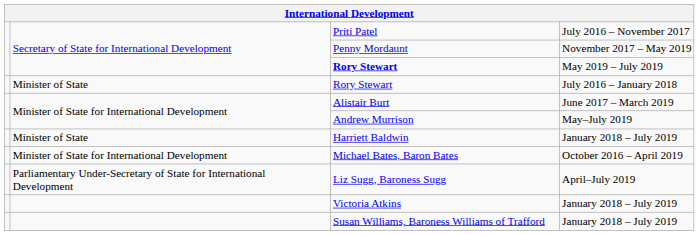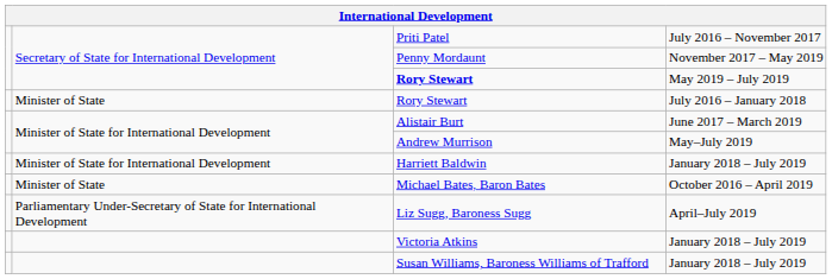 <table class="wikitable">
 <tr>
 <th colspan="4"><a href='#'>International Development</a></th>
 </tr>
 <tr>
 <td rowspan="3" style="width: 1px; background: "></td>
 <td rowspan="3" style="width: 450px;"><a href='#'>Secretary of State for International Development</a></td>
 <td style="width: 320px;"><a href='#'>Priti Patel</a></td>
 <td>July 2016 – November 2017</td>
 </tr>
 <tr>
 <td><a href='#'>Penny Mordaunt</a> <br></td>
 <td>November 2017 – May 2019</td>
 </tr>
 <tr>
 <td><strong><a href='#'>Rory Stewart</a></strong></td>
 <td>May 2019 – July 2019</td>
 </tr>
 <tr>
 <td style="width: 1px; background: "></td>
 <td>Minister of State</td>
 <td><a href='#'>Rory Stewart</a><br></td>
 <td>July 2016 – January 2018</td>
 </tr>
 <tr>
 <td rowspan="2" style="width: 1px; background: "></td>
 <td rowspan="2">Minister of State for International Development</td>
 <td><a href='#'>Alistair Burt</a> <br></td>
 <td>June 2017 – March 2019</td>
 </tr>
 <tr>
 <td><a href='#'>Andrew Murrison</a><br></td>
 <td>May–July 2019</td>
 </tr>
 <tr>
 <td style="width: 1px; background: "></td>
-<td>Minister of State</td>
+<td rowspan="1">Minister of State for International Development</td>
 <td><a href='#'>Harriett Baldwin</a><br></td>
 <td>January 2018 – July 2019</td>
 </tr>
 <tr>
 <td rowspan="1" style="width: 1px; background: "></td>
-<td rowspan="1">Minister of State for International Development</td>
+<td>Minister of State</td>
 <td><a href='#'>Michael Bates, Baron Bates</a> <br></td>
 <td>October 2016 – April 2019</td>
 </tr>
 <tr>
 <td rowspan="1" style="width: 1px; background: "></td>
 <td rowspan="1">Parliamentary Under-Secretary of State for International Development</td>
 <td><a href='#'>Liz Sugg, Baroness Sugg</a> <br></td>
 <td>April–July 2019</td>
 </tr>
 <tr>
 <td style="width: 1px; background: "></td>
 <td></td>
 <td><a href='#'>Victoria Atkins</a> <br></td>
 <td>January 2018 – July 2019</td>
 </tr>
 <tr>
 <td style="width: 1px; background: "></td>
 <td></td>
 <td><a href='#'>Susan Williams, Baroness Williams of Trafford</a><br></td>
 <td>January 2018 – July 2019</td>
 </tr>
 </table>
